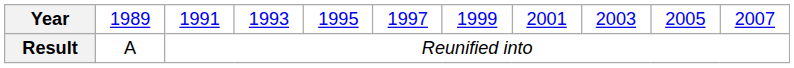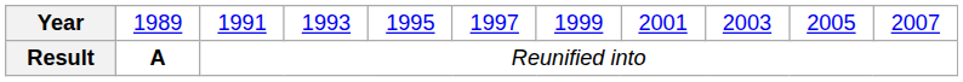 <table class="wikitable" style="text-align:center; font-size:90%; background:white;" width="100%">
 <tr>
 <th>Year</th>
 <td><a href='#'>1989</a></td>
 <td><a href='#'>1991</a></td>
 <td><a href='#'>1993</a></td>
 <td><a href='#'>1995</a></td>
 <td><a href='#'>1997</a></td>
 <td><a href='#'>1999</a></td>
 <td><a href='#'>2001</a></td>
 <td><a href='#'>2003</a></td>
 <td><a href='#'>2005</a></td>
 <td><a href='#'>2007</a></td>
 </tr>
 <tr>
 <th>Result</th>
-<td>A</td>
+<td><strong>A</strong></td>
 <td colspan="9"><em>Reunified into </em></td>
 </tr>
 </table>
